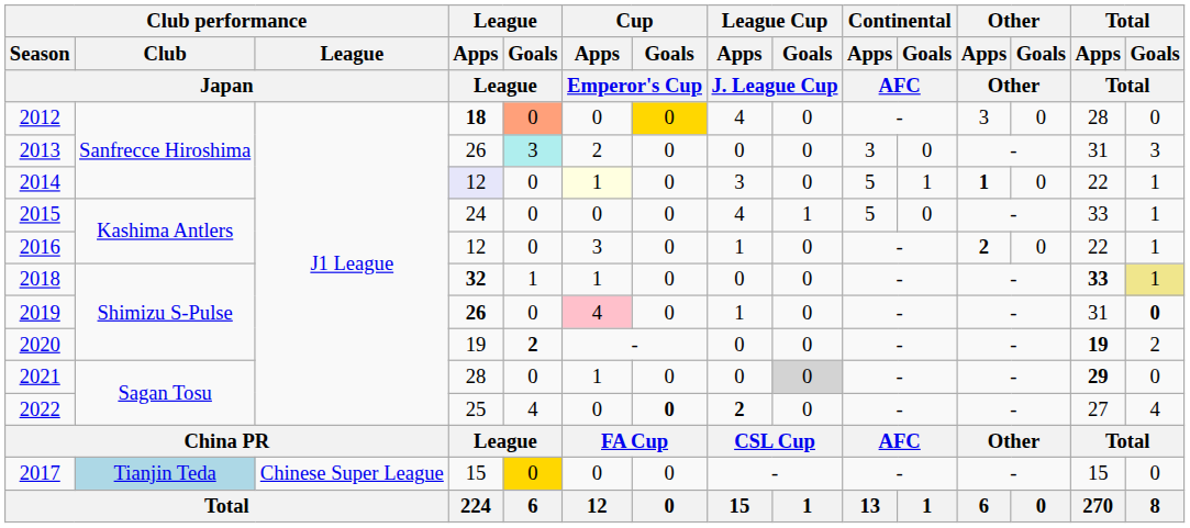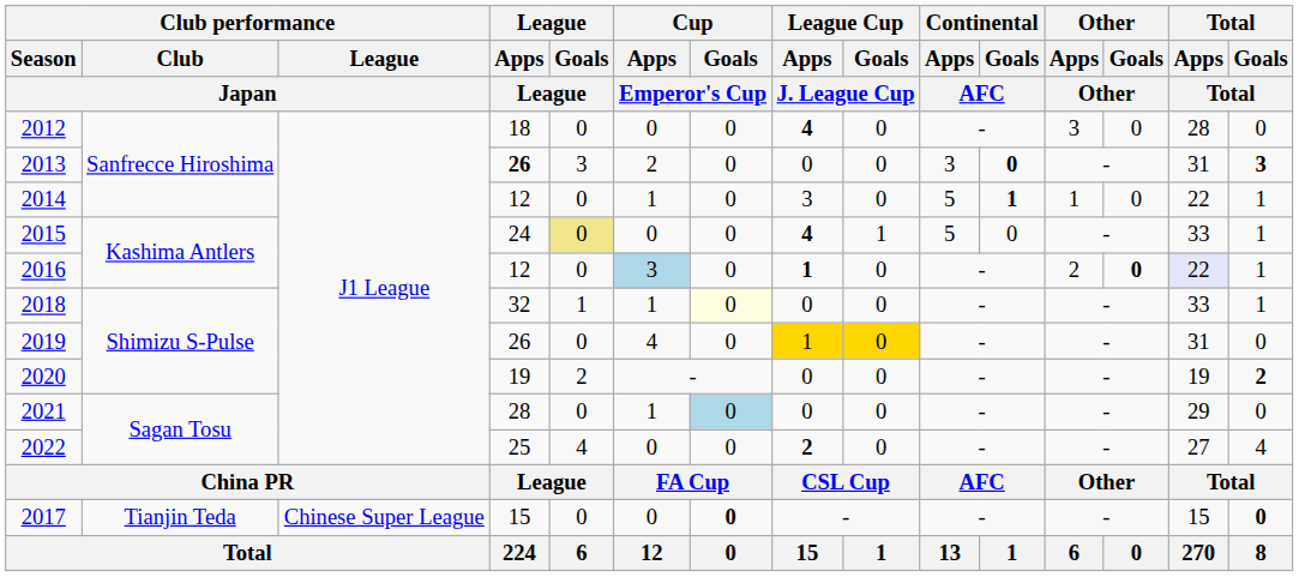 <table class="wikitable" style="text-align:center;">
 <tr>
 <th colspan=3>Club performance</th>
 <th colspan=2>League</th>
 <th colspan=2>Cup</th>
 <th colspan=2>League Cup</th>
 <th colspan=2>Continental</th>
 <th colspan="2">Other</th>
 <th colspan=2>Total</th>
 </tr>
 <tr>
 <th>Season</th>
 <th>Club</th>
 <th>League</th>
 <th>Apps</th>
 <th>Goals</th>
 <th>Apps</th>
 <th>Goals</th>
 <th>Apps</th>
 <th>Goals</th>
 <th>Apps</th>
 <th>Goals</th>
 <th>Apps</th>
 <th>Goals</th>
 <th>Apps</th>
 <th>Goals</th>
 </tr>
 <tr>
 <th colspan=3>Japan</th>
 <th colspan=2>League</th>
 <th colspan=2><a href='#'>Emperor's Cup</a></th>
 <th colspan=2><a href='#'>J. League Cup</a></th>
 <th colspan=2><a href='#'>AFC</a></th>
 <th colspan=2>Other</th>
 <th colspan=2>Total</th>
 </tr>
 <tr>
 <td><a href='#'>2012</a></td>
 <td rowspan="3"><a href='#'>Sanfrecce Hiroshima</a></td>
 <td rowspan="10"><a href='#'>J1 League</a></td>
-<td><strong>18</strong></td>
-<td style="background: lightsalmon;">0</td>
+<td>18</td>
 <td>0</td>
-<td style="background: gold;">0</td>
-<td>4</td>
+<td>0</td>
+<td>0</td>
+<td><strong>4</strong></td>
 <td>0</td>
 <td colspan="2">-</td>
 <td>3</td>
 <td>0</td>
 <td>28</td>
 <td>0</td>
 </tr>
 <tr>
 <td><a href='#'>2013</a></td>
-<td>26</td>
-<td style="background: paleturquoise;">3</td>
+<td><strong>26</strong></td>
+<td>3</td>
 <td>2</td>
 <td>0</td>
 <td>0</td>
 <td>0</td>
 <td>3</td>
-<td>0</td>
+<td><strong>0</strong></td>
 <td colspan="2">-</td>
 <td>31</td>
-<td>3</td>
+<td><strong>3</strong></td>
 </tr>
 <tr>
 <td><a href='#'>2014</a></td>
-<td style="background: lavender;">12</td>
+<td>12</td>
 <td>0</td>
-<td style="background: lightyellow;">1</td>
+<td>1</td>
 <td>0</td>
 <td>3</td>
 <td>0</td>
 <td>5</td>
+<td><strong>1</strong></td>
 <td>1</td>
-<td><strong>1</strong></td>
 <td>0</td>
 <td>22</td>
 <td>1</td>
 </tr>
 <tr>
 <td><a href='#'>2015</a></td>
 <td rowspan="2"><a href='#'>Kashima Antlers</a></td>
 <td>24</td>
+<td style="background: khaki;">0</td>
 <td>0</td>
 <td>0</td>
-<td>0</td>
-<td>4</td>
+<td><strong>4</strong></td>
 <td>1</td>
 <td>5</td>
 <td>0</td>
 <td colspan="2">-</td>
 <td>33</td>
 <td>1</td>
 </tr>
 <tr>
 <td><a href='#'>2016</a></td>
 <td>12</td>
 <td>0</td>
-<td>3</td>
+<td style="background: lightblue;">3</td>
 <td>0</td>
-<td>1</td>
+<td><strong>1</strong></td>
 <td>0</td>
 <td colspan="2">-</td>
-<td><strong>2</strong></td>
-<td>0</td>
-<td>22</td>
+<td>2</td>
+<td><strong>0</strong></td>
+<td style="background: lavender;">22</td>
 <td>1</td>
 </tr>
 <tr>
 <td><a href='#'>2018</a></td>
 <td rowspan="3"><a href='#'>Shimizu S-Pulse</a></td>
-<td><strong>32</strong></td>
+<td>32</td>
 <td>1</td>
 <td>1</td>
-<td>0</td>
+<td style="background: lightyellow;">0</td>
 <td>0</td>
 <td>0</td>
 <td colspan="2">-</td>
 <td colspan="2">-</td>
-<td><strong>33</strong></td>
-<td style="background: khaki;">1</td>
+<td>33</td>
+<td>1</td>
 </tr>
 <tr>
 <td><a href='#'>2019</a></td>
-<td><strong>26</strong></td>
+<td>26</td>
 <td>0</td>
-<td style="background: pink;">4</td>
+<td>4</td>
 <td>0</td>
-<td>1</td>
-<td>0</td>
+<td style="background: gold;">1</td>
+<td style="background: gold;">0</td>
 <td colspan="2">-</td>
 <td colspan="2">-</td>
 <td>31</td>
-<td><strong>0</strong></td>
+<td>0</td>
 </tr>
 <tr>
 <td><a href='#'>2020</a></td>
 <td>19</td>
-<td><strong>2</strong></td>
+<td>2</td>
 <td colspan="2">-</td>
 <td>0</td>
 <td>0</td>
 <td colspan="2">-</td>
 <td colspan="2">-</td>
-<td><strong>19</strong></td>
-<td>2</td>
+<td>19</td>
+<td><strong>2</strong></td>
 </tr>
 <tr>
 <td><a href='#'>2021</a></td>
 <td rowspan="2"><a href='#'>Sagan Tosu</a></td>
 <td>28</td>
 <td>0</td>
 <td>1</td>
+<td style="background: lightblue;">0</td>
 <td>0</td>
 <td>0</td>
-<td style="background: lightgrey;">0</td>
 <td colspan="2">-</td>
 <td colspan="2">-</td>
-<td><strong>29</strong></td>
+<td>29</td>
 <td>0</td>
 </tr>
 <tr>
 <td><a href='#'>2022</a></td>
 <td>25</td>
 <td>4</td>
 <td>0</td>
-<td><strong>0</strong></td>
+<td>0</td>
 <td><strong>2</strong></td>
 <td>0</td>
 <td colspan="2">-</td>
 <td colspan="2">-</td>
 <td>27</td>
 <td>4</td>
 </tr>
 <tr>
 <th colspan=3>China PR</th>
 <th colspan=2>League</th>
 <th colspan=2><a href='#'>FA Cup</a></th>
 <th colspan=2><a href='#'>CSL Cup</a></th>
 <th colspan=2><a href='#'>AFC</a></th>
 <th colspan=2>Other</th>
 <th colspan=2>Total</th>
 </tr>
 <tr>
 <td><a href='#'>2017</a></td>
-<td style="background: lightblue;"><a href='#'>Tianjin Teda</a></td>
+<td><a href='#'>Tianjin Teda</a></td>
 <td><a href='#'>Chinese Super League</a></td>
 <td>15</td>
-<td style="background: gold;">0</td>
 <td>0</td>
 <td>0</td>
+<td><strong>0</strong></td>
 <td colspan="2">-</td>
 <td colspan="2">-</td>
 <td colspan="2">-</td>
 <td>15</td>
-<td>0</td>
+<td><strong>0</strong></td>
 </tr>
 <tr>
 <th colspan=3>Total</th>
 <th>224</th>
 <th>6</th>
 <th>12</th>
 <th>0</th>
 <th>15</th>
 <th>1</th>
 <th>13</th>
 <th>1</th>
 <th>6</th>
 <th>0</th>
 <th>270</th>
 <th>8</th>
 </tr>
 </table>
